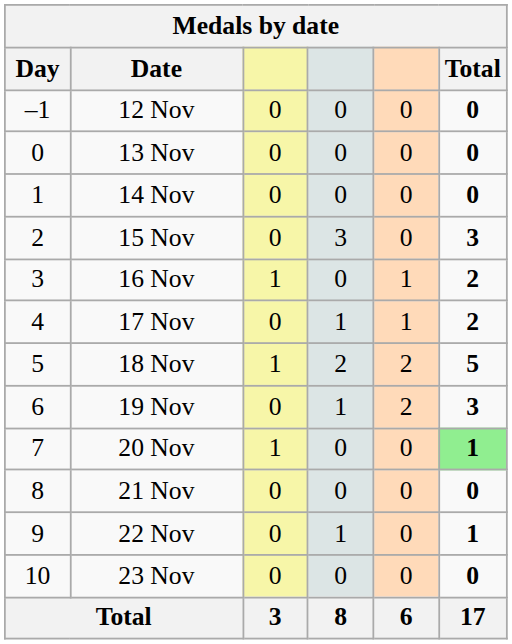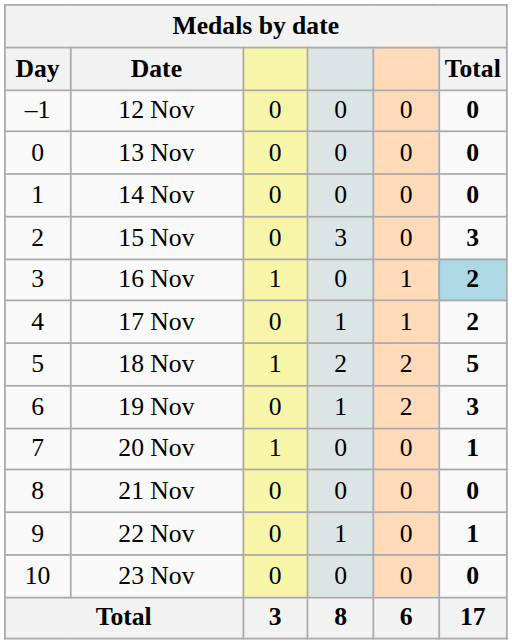 <table class="wikitable" style="font-size:90%; text-align:center;">
 <tr style="background:#efefef;">
 <th colspan=6><strong>Medals by date</strong></th>
 </tr>
 <tr>
 <th width=30><strong>Day</strong></th>
 <th width=90><strong>Date</strong></th>
 <th width=30 style="background:#F7F6A8;"></th>
 <th width=30 style="background:#DCE5E5;"></th>
 <th width=30 style="background:#FFDAB9;"></th>
 <th width=30><strong>Total</strong></th>
 </tr>
 <tr>
 <td>–1</td>
 <td>12 Nov</td>
 <td style="background:#F7F6A8;">0</td>
 <td style="background:#DCE5E5;">0</td>
 <td style="background:#FFDAB9;">0</td>
 <td><strong>0</strong></td>
 </tr>
 <tr>
 <td>0</td>
 <td>13 Nov</td>
 <td style="background:#F7F6A8;">0</td>
 <td style="background:#DCE5E5;">0</td>
 <td style="background:#FFDAB9;">0</td>
 <td><strong>0</strong></td>
 </tr>
 <tr>
 <td>1</td>
 <td>14 Nov</td>
 <td style="background:#F7F6A8;">0</td>
 <td style="background:#DCE5E5;">0</td>
 <td style="background:#FFDAB9;">0</td>
 <td><strong>0</strong></td>
 </tr>
 <tr>
 <td>2</td>
 <td>15 Nov</td>
 <td style="background:#F7F6A8;">0</td>
 <td style="background:#DCE5E5;">3</td>
 <td style="background:#FFDAB9;">0</td>
 <td><strong>3</strong></td>
 </tr>
 <tr>
 <td>3</td>
 <td>16 Nov</td>
 <td style="background:#F7F6A8;">1</td>
 <td style="background:#DCE5E5;">0</td>
 <td style="background:#FFDAB9;">1</td>
-<td><strong>2</strong></td>
+<td style="background: lightblue;"><strong>2</strong></td>
 </tr>
 <tr>
 <td>4</td>
 <td>17 Nov</td>
 <td style="background:#F7F6A8;">0</td>
 <td style="background:#DCE5E5;">1</td>
 <td style="background:#FFDAB9;">1</td>
 <td><strong>2</strong></td>
 </tr>
 <tr>
 <td>5</td>
 <td>18 Nov</td>
 <td style="background:#F7F6A8;">1</td>
 <td style="background:#DCE5E5;">2</td>
 <td style="background:#FFDAB9;">2</td>
 <td><strong>5</strong></td>
 </tr>
 <tr>
 <td>6</td>
 <td>19 Nov</td>
 <td style="background:#F7F6A8;">0</td>
 <td style="background:#DCE5E5;">1</td>
 <td style="background:#FFDAB9;">2</td>
 <td><strong>3</strong></td>
 </tr>
 <tr>
 <td>7</td>
 <td>20 Nov</td>
 <td style="background:#F7F6A8;">1</td>
 <td style="background:#DCE5E5;">0</td>
 <td style="background:#FFDAB9;">0</td>
-<td style="background: lightgreen;"><strong>1</strong></td>
+<td><strong>1</strong></td>
 </tr>
 <tr>
 <td>8</td>
 <td>21 Nov</td>
 <td style="background:#F7F6A8;">0</td>
 <td style="background:#DCE5E5;">0</td>
 <td style="background:#FFDAB9;">0</td>
 <td><strong>0</strong></td>
 </tr>
 <tr>
 <td>9</td>
 <td>22 Nov</td>
 <td style="background:#F7F6A8;">0</td>
 <td style="background:#DCE5E5;">1</td>
 <td style="background:#FFDAB9;">0</td>
 <td><strong>1</strong></td>
 </tr>
 <tr>
 <td>10</td>
 <td>23 Nov</td>
 <td style="background:#F7F6A8;">0</td>
 <td style="background:#DCE5E5;">0</td>
 <td style="background:#FFDAB9;">0</td>
 <td><strong>0</strong></td>
 </tr>
 <tr>
 <th colspan="2"><strong>Total</strong></th>
 <th><strong>3</strong></th>
 <th><strong>8</strong></th>
 <th><strong>6</strong></th>
 <th><strong>17</strong></th>
 </tr>
 </table>
